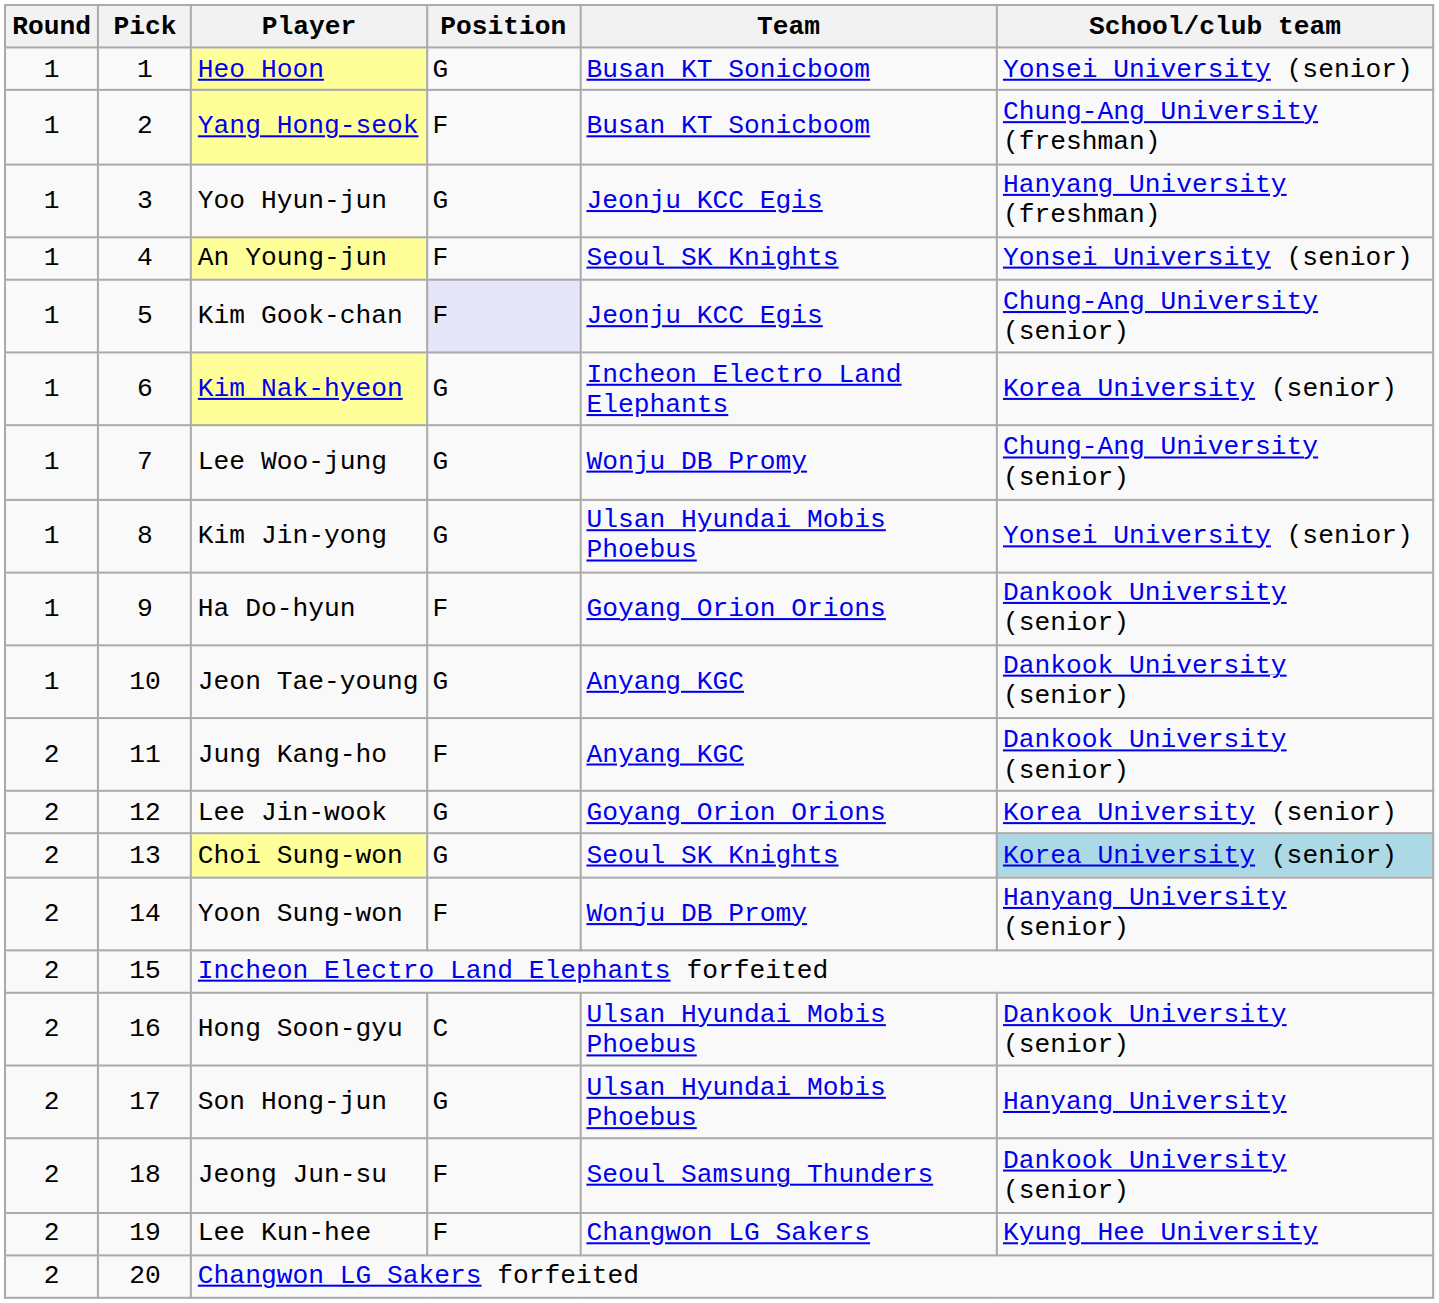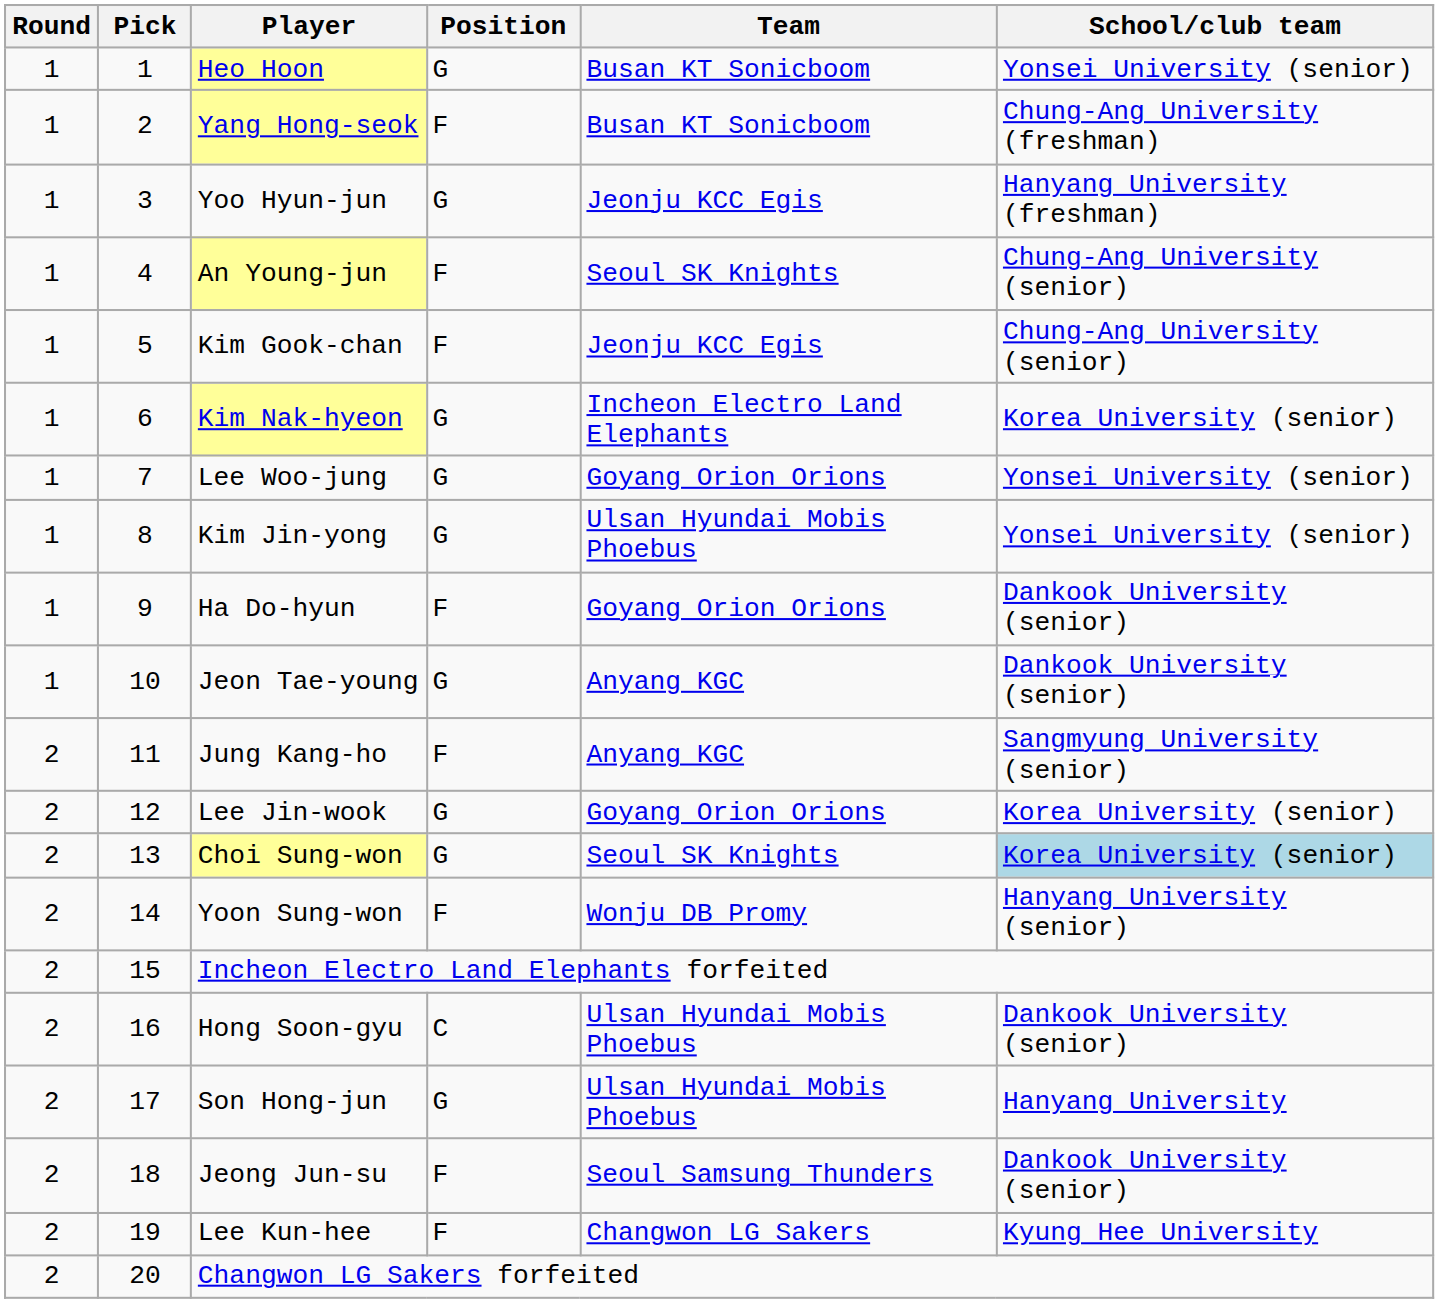 <table class="wikitable sortable sortable">
 <tr>
 <th scope="col" width=40>Round</th>
 <th scope="col" width=40>Pick</th>
 <th scope="col" width=110>Player</th>
 <th scope="col" width=70>Position</th>
 <th scope="col" width=200>Team</th>
 <th scope="col" width=210>School/club team</th>
 </tr>
 <tr>
 <td align=center>1</td>
 <td align=center>1</td>
 <td style="background-color:#FFFF99;"><a href='#'>Heo Hoon</a></td>
 <td>G</td>
 <td><a href='#'>Busan KT Sonicboom</a></td>
 <td><a href='#'>Yonsei University</a> (senior)</td>
 </tr>
 <tr>
 <td align=center>1</td>
 <td align=center>2</td>
 <td style="background-color:#FFFF99;"><a href='#'>Yang Hong-seok</a></td>
 <td>F</td>
 <td><a href='#'>Busan KT Sonicboom</a></td>
 <td><a href='#'>Chung-Ang University</a> (freshman)</td>
 </tr>
 <tr>
 <td align=center>1</td>
 <td align=center>3</td>
 <td>Yoo Hyun-jun</td>
 <td>G</td>
 <td><a href='#'>Jeonju KCC Egis</a></td>
 <td><a href='#'>Hanyang University</a> (freshman)</td>
 </tr>
 <tr>
 <td align=center>1</td>
 <td align=center>4</td>
 <td style="background-color:#FFFF99;">An Young-jun</td>
 <td>F</td>
 <td><a href='#'>Seoul SK Knights</a></td>
-<td><a href='#'>Yonsei University</a> (senior)</td>
+<td><a href='#'>Chung-Ang University</a> (senior)</td>
 </tr>
 <tr>
 <td align=center>1</td>
 <td align=center>5</td>
 <td>Kim Gook-chan</td>
-<td style="background: lavender;">F</td>
+<td>F</td>
 <td><a href='#'>Jeonju KCC Egis</a></td>
 <td><a href='#'>Chung-Ang University</a> (senior)</td>
 </tr>
 <tr>
 <td align=center>1</td>
 <td align=center>6</td>
 <td style="background-color:#FFFF99;"><a href='#'>Kim Nak-hyeon</a></td>
 <td>G</td>
 <td><a href='#'>Incheon Electro Land Elephants</a></td>
 <td><a href='#'>Korea University</a> (senior)</td>
 </tr>
 <tr>
 <td align=center>1</td>
 <td align=center>7</td>
 <td>Lee Woo-jung</td>
 <td>G</td>
-<td><a href='#'>Wonju DB Promy</a></td>
-<td><a href='#'>Chung-Ang University</a> (senior)</td>
+<td><a href='#'>Goyang Orion Orions</a></td>
+<td><a href='#'>Yonsei University</a> (senior)</td>
 </tr>
 <tr>
 <td align=center>1</td>
 <td align=center>8</td>
 <td>Kim Jin-yong</td>
 <td>G</td>
 <td><a href='#'>Ulsan Hyundai Mobis Phoebus</a></td>
 <td><a href='#'>Yonsei University</a> (senior)</td>
 </tr>
 <tr>
 <td align=center>1</td>
 <td align=center>9</td>
 <td>Ha Do-hyun</td>
 <td>F</td>
 <td><a href='#'>Goyang Orion Orions</a></td>
 <td><a href='#'>Dankook University</a> (senior)</td>
 </tr>
 <tr>
 <td align=center>1</td>
 <td align=center>10</td>
 <td>Jeon Tae-young</td>
 <td>G</td>
 <td><a href='#'>Anyang KGC</a></td>
 <td><a href='#'>Dankook University</a> (senior)</td>
 </tr>
 <tr>
 <td align=center>2</td>
 <td align=center>11</td>
 <td>Jung Kang-ho</td>
 <td>F</td>
 <td><a href='#'>Anyang KGC</a></td>
-<td><a href='#'>Dankook University</a> (senior)</td>
+<td><a href='#'>Sangmyung University</a> (senior)</td>
 </tr>
 <tr>
 <td align=center>2</td>
 <td align=center>12</td>
 <td>Lee Jin-wook</td>
 <td>G</td>
 <td><a href='#'>Goyang Orion Orions</a></td>
 <td><a href='#'>Korea University</a> (senior)</td>
 </tr>
 <tr>
 <td align=center>2</td>
 <td align=center>13</td>
 <td style="background-color:#FFFF99;">Choi Sung-won</td>
 <td>G</td>
 <td><a href='#'>Seoul SK Knights</a></td>
 <td style="background: lightblue;"><a href='#'>Korea University</a> (senior)</td>
 </tr>
 <tr>
 <td align=center>2</td>
 <td align=center>14</td>
 <td>Yoon Sung-won</td>
 <td>F</td>
 <td><a href='#'>Wonju DB Promy</a></td>
 <td><a href='#'>Hanyang University</a> (senior)</td>
 </tr>
 <tr>
 <td align=center>2</td>
 <td align=center>15</td>
 <td colspan="4"><a href='#'>Incheon Electro Land Elephants</a> forfeited</td>
 </tr>
 <tr>
 <td align=center>2</td>
 <td align=center>16</td>
 <td>Hong Soon-gyu</td>
 <td>C</td>
 <td><a href='#'>Ulsan Hyundai Mobis Phoebus</a></td>
 <td><a href='#'>Dankook University</a> (senior)</td>
 </tr>
 <tr>
 <td align=center>2</td>
 <td align=center>17</td>
 <td>Son Hong-jun</td>
 <td>G</td>
 <td><a href='#'>Ulsan Hyundai Mobis Phoebus</a></td>
 <td><a href='#'>Hanyang University</a></td>
 </tr>
 <tr>
 <td align=center>2</td>
 <td align=center>18</td>
 <td>Jeong Jun-su</td>
 <td>F</td>
 <td><a href='#'>Seoul Samsung Thunders</a></td>
 <td><a href='#'>Dankook University</a> (senior)</td>
 </tr>
 <tr>
 <td align=center>2</td>
 <td align=center>19</td>
 <td>Lee Kun-hee</td>
 <td>F</td>
 <td><a href='#'>Changwon LG Sakers</a></td>
 <td><a href='#'>Kyung Hee University</a></td>
 </tr>
 <tr>
 <td align=center>2</td>
 <td align=center>20</td>
 <td colspan="4"><a href='#'>Changwon LG Sakers</a> forfeited</td>
 </tr>
 </table>
